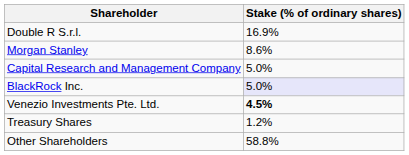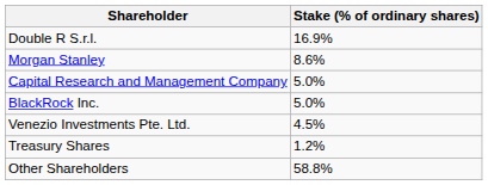 <table class="wikitable">
 <tr>
 <th>Shareholder</th>
 <th>Stake (% of ordinary shares)</th>
 </tr>
 <tr>
 <td>Double R S.r.l.</td>
 <td>16.9%</td>
 </tr>
 <tr>
 <td><a href='#'>Morgan Stanley</a></td>
 <td>8.6%</td>
 </tr>
 <tr>
 <td><a href='#'>Capital Research and Management Company</a></td>
 <td>5.0%</td>
 </tr>
 <tr>
 <td><a href='#'>BlackRock</a> Inc.</td>
-<td style="background: lavender;">5.0%</td>
+<td>5.0%</td>
 </tr>
 <tr>
 <td>Venezio Investments Pte. Ltd.</td>
-<td><strong>4.5%</strong></td>
+<td>4.5%</td>
 </tr>
 <tr>
 <td>Treasury Shares</td>
 <td>1.2%</td>
 </tr>
 <tr>
 <td>Other Shareholders</td>
 <td>58.8%</td>
 </tr>
 </table>
